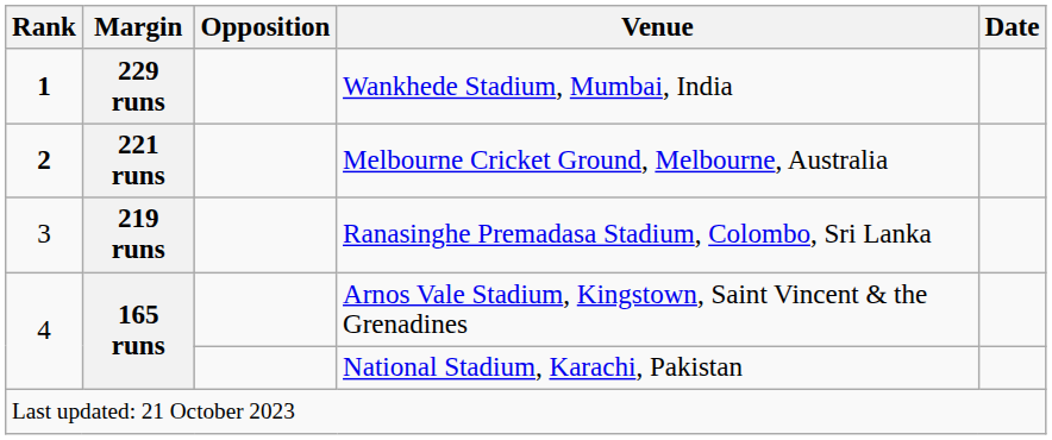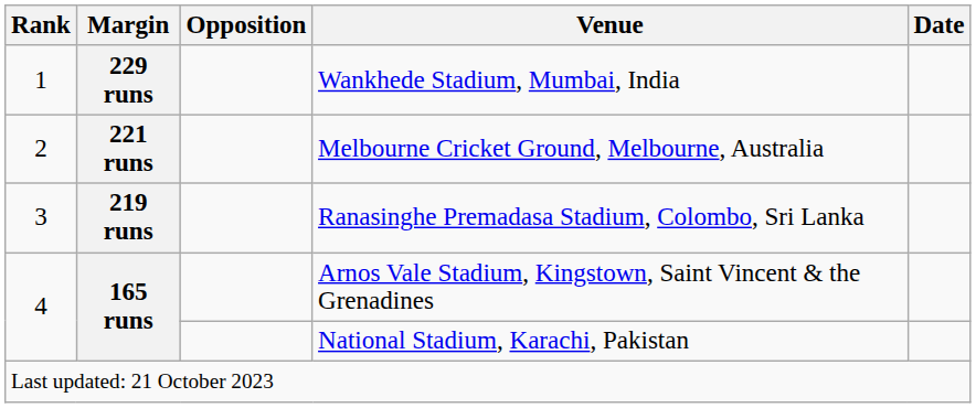 <table class="wikitable plainrowheaders">
 <tr>
 <th scope=col>Rank</th>
 <th scope=col>Margin</th>
 <th scope=col>Opposition</th>
 <th scope=col>Venue</th>
 <th scope=col>Date</th>
 </tr>
 <tr>
-<td align=center><strong>1</strong></td>
+<td align=center>1</td>
 <th scope=row style="text-align:center;">229 runs</th>
 <td></td>
 <td><a href='#'>Wankhede Stadium</a>, <a href='#'>Mumbai</a>, India</td>
 <td><br></td>
 </tr>
 <tr>
-<td align=center><strong>2</strong></td>
+<td align=center>2</td>
 <th scope=row style="text-align:center;">221 runs</th>
 <td></td>
 <td><a href='#'>Melbourne Cricket Ground</a>, <a href='#'>Melbourne</a>, Australia</td>
 <td></td>
 </tr>
 <tr>
 <td align=center>3</td>
 <th scope=row style="text-align:center;">219 runs</th>
 <td></td>
 <td><a href='#'>Ranasinghe Premadasa Stadium</a>, <a href='#'>Colombo</a>, Sri Lanka</td>
 <td></td>
 </tr>
 <tr>
 <td align=center rowspan=2>4</td>
 <th scope=row style=text-align:center; rowspan=2>165 runs</th>
 <td></td>
 <td><a href='#'>Arnos Vale Stadium</a>, <a href='#'>Kingstown</a>, Saint Vincent & the Grenadines</td>
 <td></td>
 </tr>
 <tr>
 <td></td>
 <td><a href='#'>National Stadium</a>, <a href='#'>Karachi</a>, Pakistan</td>
 <td></td>
 </tr>
 <tr>
 <td colspan=5><small>Last updated: 21 October 2023</small></td>
 </tr>
 </table>
